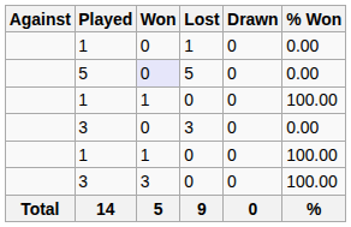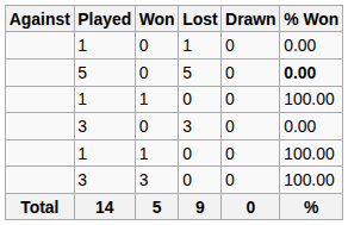 <table class="sortable wikitable" style="font-size: 87%;">
 <tr>
 <th>Against</th>
 <th>Played</th>
 <th>Won</th>
 <th>Lost</th>
 <th>Drawn</th>
 <th>% Won</th>
 </tr>
 <tr bgcolor="#d0ffd0" align="center">
 </tr>
 <tr>
 <td align="left"></td>
 <td>1</td>
 <td>0</td>
 <td>1</td>
 <td>0</td>
 <td>0.00</td>
 </tr>
 <tr>
 <td align="left"></td>
 <td>5</td>
-<td style="background: lavender;">0</td>
+<td>0</td>
 <td>5</td>
 <td>0</td>
-<td>0.00</td>
+<td><strong>0.00</strong></td>
 </tr>
 <tr>
 <td align="left"></td>
 <td>1</td>
 <td>1</td>
 <td>0</td>
 <td>0</td>
 <td>100.00</td>
 </tr>
 <tr>
 <td align="left"></td>
 <td>3</td>
 <td>0</td>
 <td>3</td>
 <td>0</td>
 <td>0.00</td>
 </tr>
 <tr>
 <td align="left"></td>
 <td>1</td>
 <td>1</td>
 <td>0</td>
 <td>0</td>
 <td>100.00</td>
 </tr>
 <tr>
 <td align="left"></td>
 <td>3</td>
 <td>3</td>
 <td>0</td>
 <td>0</td>
 <td>100.00</td>
 </tr>
 <tr>
 <th>Total</th>
 <th><strong>14</strong></th>
 <th><strong>5</strong></th>
 <th><strong>9</strong></th>
 <th><strong>0</strong></th>
 <th><strong>%</strong></th>
 </tr>
 </table>
